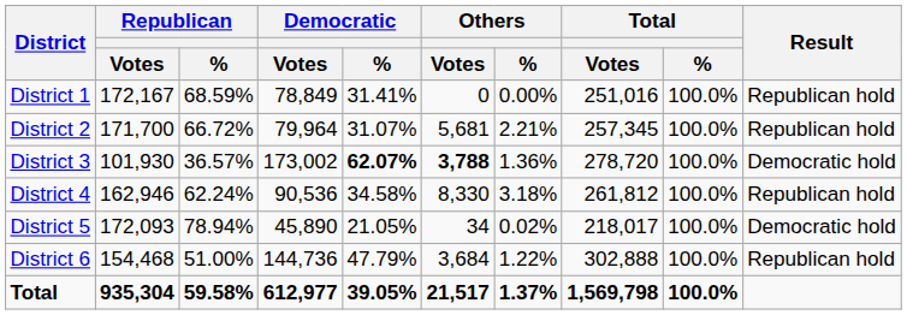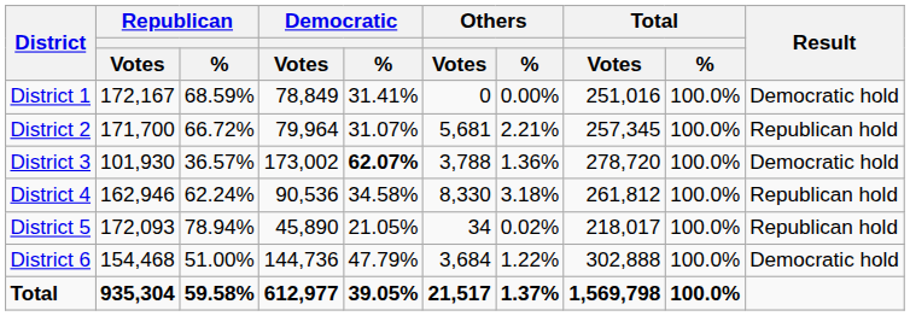 <table class="wikitable plainrowheaders sortable" style="font-size:100%; text-align:right;">
 <tr>
 <th scope=col rowspan=3><a href='#'>District</a></th>
 <th scope=col colspan=2><a href='#'>Republican</a></th>
 <th scope=col colspan=2><a href='#'>Democratic</a></th>
 <th scope=col colspan=2>Others</th>
 <th scope=col colspan=2>Total</th>
 <th scope=col rowspan=3>Result</th>
 </tr>
 <tr>
 <th scope=col colspan=2 style="background:"></th>
 <th scope=col colspan=2 style="background:"></th>
 <th scope=col colspan=2></th>
 <th scope=col colspan=2></th>
 </tr>
 <tr>
 <th scope=col data-sort-type="number">Votes</th>
 <th scope=col data-sort-type="number">%</th>
 <th scope=col data-sort-type="number">Votes</th>
 <th scope=col data-sort-type="number">%</th>
 <th scope=col data-sort-type="number">Votes</th>
 <th scope=col data-sort-type="number">%</th>
 <th scope=col data-sort-type="number">Votes</th>
 <th scope=col data-sort-type="number">%</th>
 </tr>
 <tr>
 <td align=left><a href='#'>District 1</a></td>
 <td>172,167</td>
 <td>68.59%</td>
 <td>78,849</td>
 <td>31.41%</td>
 <td>0</td>
 <td>0.00%</td>
 <td>251,016</td>
 <td>100.0%</td>
-<td align=left>Republican hold</td>
+<td align=left>Democratic hold</td>
 </tr>
 <tr>
 <td align=left><a href='#'>District 2</a></td>
 <td>171,700</td>
 <td>66.72%</td>
 <td>79,964</td>
 <td>31.07%</td>
 <td>5,681</td>
 <td>2.21%</td>
 <td>257,345</td>
 <td>100.0%</td>
 <td align=left>Republican hold</td>
 </tr>
 <tr>
 <td align=left><a href='#'>District 3</a></td>
 <td>101,930</td>
 <td>36.57%</td>
 <td>173,002</td>
 <td><strong>62.07%</strong></td>
-<td><strong>3,788</strong></td>
+<td>3,788</td>
 <td>1.36%</td>
 <td>278,720</td>
 <td>100.0%</td>
 <td align=left>Democratic hold</td>
 </tr>
 <tr>
 <td align=left><a href='#'>District 4</a></td>
 <td>162,946</td>
 <td>62.24%</td>
 <td>90,536</td>
 <td>34.58%</td>
 <td>8,330</td>
 <td>3.18%</td>
 <td>261,812</td>
 <td>100.0%</td>
 <td align=left>Republican hold</td>
 </tr>
 <tr>
 <td align=left><a href='#'>District 5</a></td>
 <td>172,093</td>
 <td>78.94%</td>
 <td>45,890</td>
 <td>21.05%</td>
 <td>34</td>
 <td>0.02%</td>
 <td>218,017</td>
 <td>100.0%</td>
-<td align=left>Democratic hold</td>
+<td align=left>Republican hold</td>
 </tr>
 <tr>
 <td align=left><a href='#'>District 6</a></td>
 <td>154,468</td>
 <td>51.00%</td>
 <td>144,736</td>
 <td>47.79%</td>
 <td>3,684</td>
 <td>1.22%</td>
 <td>302,888</td>
 <td>100.0%</td>
-<td align=left>Republican hold</td>
+<td align=left>Democratic hold</td>
 </tr>
 <tr class="sortbottom" style="font-weight:bold">
 <td align=left>Total</td>
 <td>935,304</td>
 <td>59.58%</td>
 <td>612,977</td>
 <td>39.05%</td>
 <td>21,517</td>
 <td>1.37%</td>
 <td>1,569,798</td>
 <td>100.0%</td>
 <td></td>
 </tr>
 </table>
